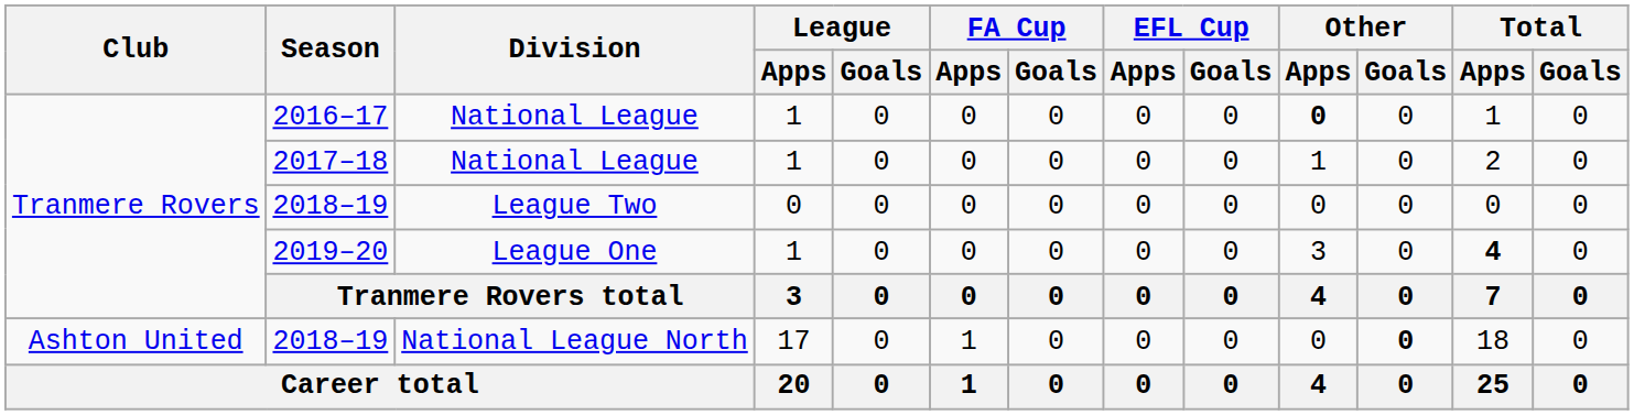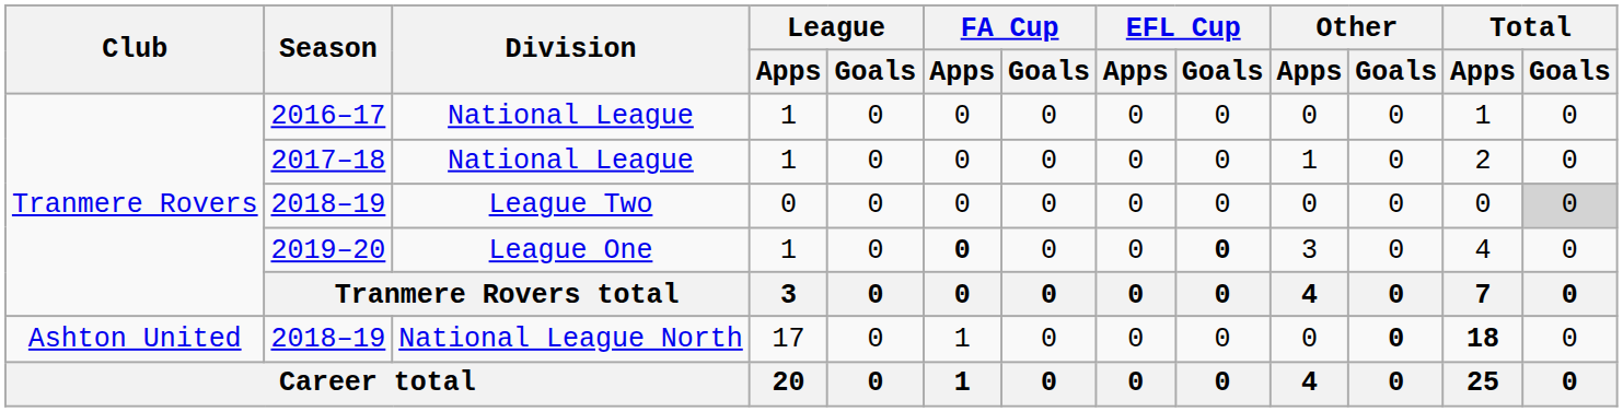 <table class="wikitable" style="text-align:center">
 <tr>
 <th rowspan="2">Club</th>
 <th rowspan="2">Season</th>
 <th rowspan="2">Division</th>
 <th colspan="2">League</th>
 <th colspan="2"><a href='#'>FA Cup</a></th>
 <th colspan="2"><a href='#'>EFL Cup</a></th>
 <th colspan="2">Other</th>
 <th colspan="2">Total</th>
 </tr>
 <tr>
 <th>Apps</th>
 <th>Goals</th>
 <th>Apps</th>
 <th>Goals</th>
 <th>Apps</th>
 <th>Goals</th>
 <th>Apps</th>
 <th>Goals</th>
 <th>Apps</th>
 <th>Goals</th>
 </tr>
 <tr>
 <td rowspan=5><a href='#'>Tranmere Rovers</a></td>
 <td><a href='#'>2016–17</a></td>
 <td><a href='#'>National League</a></td>
 <td>1</td>
 <td>0</td>
 <td>0</td>
 <td>0</td>
 <td>0</td>
 <td>0</td>
-<td><strong>0</strong></td>
+<td>0</td>
 <td>0</td>
 <td>1</td>
 <td>0</td>
 </tr>
 <tr>
 <td><a href='#'>2017–18</a></td>
 <td><a href='#'>National League</a></td>
 <td>1</td>
 <td>0</td>
 <td>0</td>
 <td>0</td>
 <td>0</td>
 <td>0</td>
 <td>1</td>
 <td>0</td>
 <td>2</td>
 <td>0</td>
 </tr>
 <tr>
 <td><a href='#'>2018–19</a></td>
 <td><a href='#'>League Two</a></td>
 <td>0</td>
 <td>0</td>
 <td>0</td>
 <td>0</td>
 <td>0</td>
 <td>0</td>
 <td>0</td>
 <td>0</td>
 <td>0</td>
-<td>0</td>
+<td style="background: lightgrey;">0</td>
 </tr>
 <tr>
 <td><a href='#'>2019–20</a></td>
 <td><a href='#'>League One</a></td>
 <td>1</td>
 <td>0</td>
+<td><strong>0</strong></td>
 <td>0</td>
 <td>0</td>
-<td>0</td>
-<td>0</td>
+<td><strong>0</strong></td>
 <td>3</td>
 <td>0</td>
-<td><strong>4</strong></td>
+<td>4</td>
 <td>0</td>
 </tr>
 <tr>
 <th colspan="2">Tranmere Rovers total</th>
 <th>3</th>
 <th>0</th>
 <th>0</th>
 <th>0</th>
 <th>0</th>
 <th>0</th>
 <th>4</th>
 <th>0</th>
 <th>7</th>
 <th>0</th>
 </tr>
 <tr>
 <td><a href='#'>Ashton United</a></td>
 <td><a href='#'>2018–19</a></td>
 <td><a href='#'>National League North</a></td>
 <td>17</td>
 <td>0</td>
 <td>1</td>
 <td>0</td>
 <td>0</td>
 <td>0</td>
 <td>0</td>
 <td><strong>0</strong></td>
-<td>18</td>
+<td><strong>18</strong></td>
 <td>0</td>
 </tr>
 <tr>
 <th colspan=3>Career total</th>
 <th>20</th>
 <th>0</th>
 <th>1</th>
 <th>0</th>
 <th>0</th>
 <th>0</th>
 <th>4</th>
 <th>0</th>
 <th>25</th>
 <th>0</th>
 </tr>
 </table>
